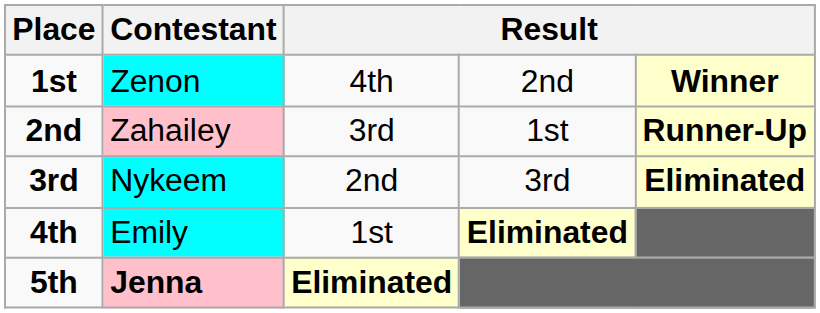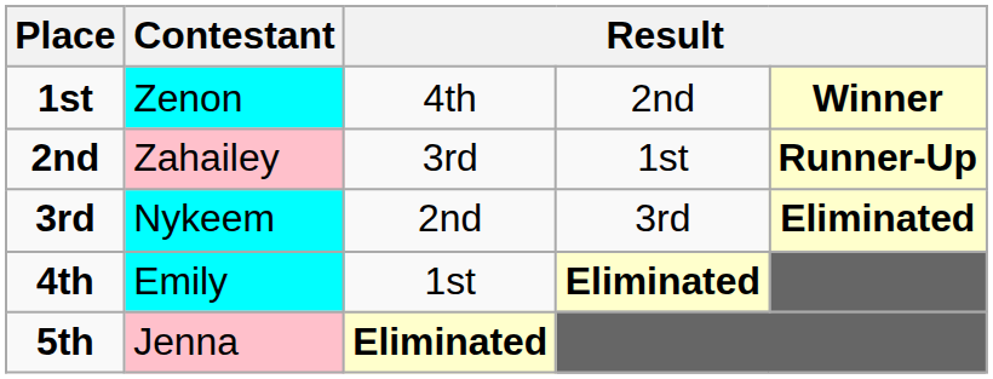 <table class="wikitable">
 <tr>
 <th>Place</th>
 <th>Contestant</th>
 <th colspan="14" align="center">Result</th>
 </tr>
 <tr>
 <td align="center"><strong>1st</strong></td>
 <td bgcolor="cyan">Zenon</td>
 <td align="center">4th</td>
 <td align="center">2nd</td>
 <td bgcolor="FFFFCC" align="center"><strong>Winner</strong></td>
 </tr>
 <tr>
 <td align="center"><strong>2nd</strong></td>
 <td bgcolor="pink">Zahailey</td>
 <td align="center">3rd</td>
 <td align="center">1st</td>
 <td bgcolor="FFFFCC" align="center"><strong>Runner-Up</strong></td>
 </tr>
 <tr>
 <td align="center"><strong>3rd</strong></td>
 <td bgcolor="cyan">Nykeem</td>
 <td align="center">2nd</td>
 <td align="center">3rd</td>
 <td bgcolor="FFFFCC" align="center"><strong>Eliminated</strong></td>
 </tr>
 <tr>
 <td align="center"><strong>4th</strong></td>
 <td bgcolor="cyan">Emily</td>
 <td align="center">1st</td>
 <td bgcolor="FFFFCC" align="center"><strong>Eliminated</strong></td>
 <td colspan="1" bgcolor="666666"></td>
 </tr>
 <tr>
 <td align="center"><strong>5th</strong></td>
-<td bgcolor="pink"><strong>Jenna</strong></td>
+<td bgcolor="pink">Jenna</td>
 <td bgcolor="FFFFCC" align="center"><strong>Eliminated</strong></td>
 <td colspan="2" bgcolor="666666"></td>
 </tr>
 </table>
